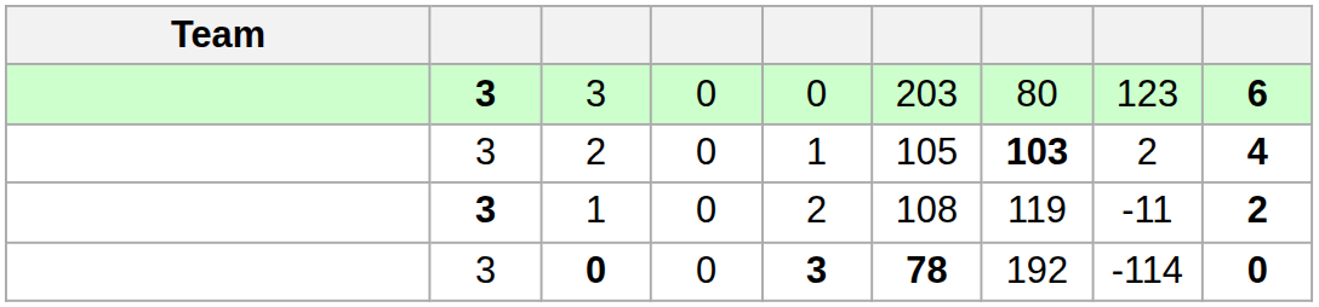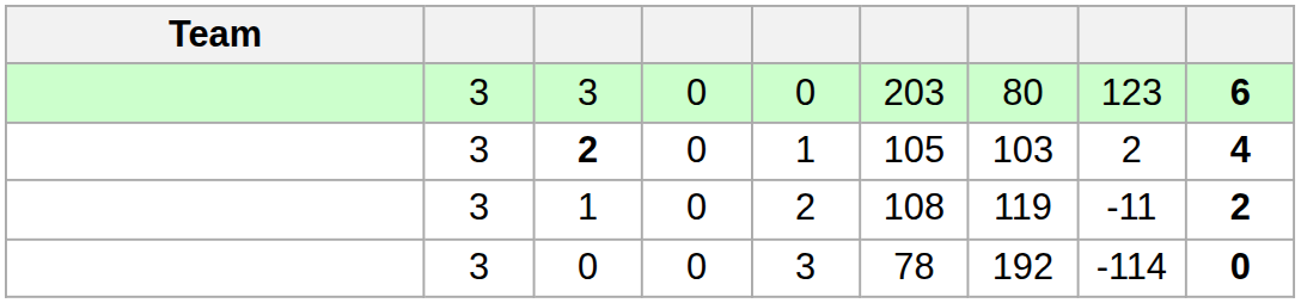 <table class=wikitable style="text-align:center">
 <tr>
 <th width=175>Team</th>
 <th width=40></th>
 <th width=40></th>
 <th width=40></th>
 <th width=40></th>
 <th width=40></th>
 <th width=40></th>
 <th width=40></th>
 <th width=40></th>
 </tr>
 <tr style="background:#ccffcc">
 <td align=left><strong></strong></td>
-<td><strong>3</strong></td>
+<td>3</td>
 <td>3</td>
 <td>0</td>
 <td>0</td>
 <td>203</td>
 <td>80</td>
 <td>123</td>
 <td><strong>6</strong></td>
 </tr>
 <tr style="background:white;">
 <td align=left></td>
 <td>3</td>
-<td>2</td>
+<td><strong>2</strong></td>
 <td>0</td>
 <td>1</td>
 <td>105</td>
-<td><strong>103</strong></td>
+<td>103</td>
 <td>2</td>
 <td><strong>4</strong></td>
 </tr>
 <tr style="background:white;">
 <td align=left></td>
-<td><strong>3</strong></td>
+<td>3</td>
 <td>1</td>
 <td>0</td>
 <td>2</td>
 <td>108</td>
 <td>119</td>
 <td>-11</td>
 <td><strong>2</strong></td>
 </tr>
 <tr style="background:white">
 <td align=left></td>
 <td>3</td>
-<td><strong>0</strong></td>
 <td>0</td>
-<td><strong>3</strong></td>
-<td><strong>78</strong></td>
+<td>0</td>
+<td>3</td>
+<td>78</td>
 <td>192</td>
 <td>-114</td>
 <td><strong>0</strong></td>
 </tr>
 </table>
